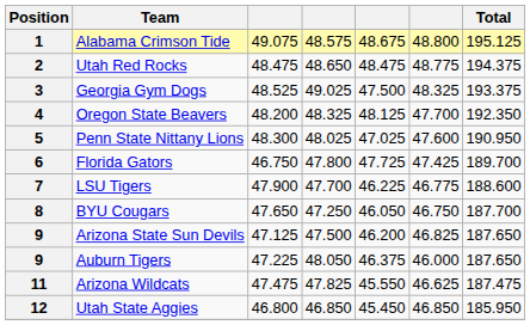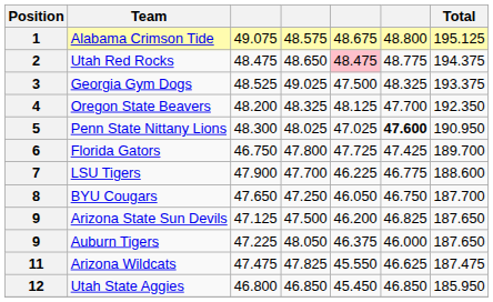 <table class="wikitable sortable" style="text-align:center; font-size:95%">
 <tr>
 <th scope=col>Position</th>
 <th scope=col>Team</th>
 <th scope=col></th>
 <th scope=col></th>
 <th scope=col></th>
 <th scope=col></th>
 <th scope=col>Total</th>
 </tr>
 <tr bgcolor=fffcaf>
 <th scope=row>1</th>
 <td align=left><a href='#'>Alabama Crimson Tide</a></td>
 <td>49.075</td>
 <td>48.575</td>
 <td>48.675</td>
 <td>48.800</td>
 <td>195.125</td>
 </tr>
 <tr>
 <th scope=row>2</th>
 <td align=left><a href='#'>Utah Red Rocks</a></td>
 <td>48.475</td>
 <td>48.650</td>
-<td>48.475</td>
+<td style="background: pink;">48.475</td>
 <td>48.775</td>
 <td>194.375</td>
 </tr>
 <tr>
 <th scope=row>3</th>
 <td align=left><a href='#'>Georgia Gym Dogs</a></td>
 <td>48.525</td>
 <td>49.025</td>
 <td>47.500</td>
 <td>48.325</td>
 <td>193.375</td>
 </tr>
 <tr>
 <th scope=row>4</th>
 <td align=left><a href='#'>Oregon State Beavers</a></td>
 <td>48.200</td>
 <td>48.325</td>
 <td>48.125</td>
 <td>47.700</td>
 <td>192.350</td>
 </tr>
 <tr>
 <th scope=row>5</th>
 <td align=left><a href='#'>Penn State Nittany Lions</a></td>
 <td>48.300</td>
 <td>48.025</td>
 <td>47.025</td>
-<td>47.600</td>
+<td><strong>47.600</strong></td>
 <td>190.950</td>
 </tr>
 <tr>
 <th scope=row>6</th>
 <td align=left><a href='#'>Florida Gators</a></td>
 <td>46.750</td>
 <td>47.800</td>
 <td>47.725</td>
 <td>47.425</td>
 <td>189.700</td>
 </tr>
 <tr>
 <th scope=row>7</th>
 <td align=left><a href='#'>LSU Tigers</a></td>
 <td>47.900</td>
 <td>47.700</td>
 <td>46.225</td>
 <td>46.775</td>
 <td>188.600</td>
 </tr>
 <tr>
 <th scope=row>8</th>
 <td align=left><a href='#'>BYU Cougars</a></td>
 <td>47.650</td>
 <td>47.250</td>
 <td>46.050</td>
 <td>46.750</td>
 <td>187.700</td>
 </tr>
 <tr>
 <th scope=row>9</th>
 <td align=left><a href='#'>Arizona State Sun Devils</a></td>
 <td>47.125</td>
 <td>47.500</td>
 <td>46.200</td>
 <td>46.825</td>
 <td>187.650</td>
 </tr>
 <tr>
 <th scope=row>9</th>
 <td align=left><a href='#'>Auburn Tigers</a></td>
 <td>47.225</td>
 <td>48.050</td>
 <td>46.375</td>
 <td>46.000</td>
 <td>187.650</td>
 </tr>
 <tr>
 <th scope=row>11</th>
 <td align=left><a href='#'>Arizona Wildcats</a></td>
 <td>47.475</td>
 <td>47.825</td>
 <td>45.550</td>
 <td>46.625</td>
 <td>187.475</td>
 </tr>
 <tr>
 <th scope=row>12</th>
 <td align=left><a href='#'>Utah State Aggies</a></td>
 <td>46.800</td>
 <td>46.850</td>
 <td>45.450</td>
 <td>46.850</td>
 <td>185.950</td>
 </tr>
 <tr>
 </tr>
 </table>
